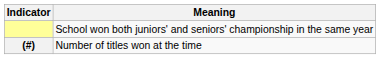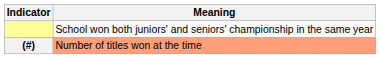 <table class="wikitable plainrowheaders">
 <tr>
 <th scope="col">Indicator</th>
 <th scope="col">Meaning</th>
 </tr>
 <tr>
 <th scope="row" style="background:#FFFF99;"> </th>
 <td>School won both juniors' and seniors' championship in the same year</td>
 </tr>
 <tr>
 <th scope="row" style="text-align:center;">(#)</th>
-<td>Number of titles won at the time</td>
+<td style="background: lightsalmon;">Number of titles won at the time</td>
 </tr>
 </table>
